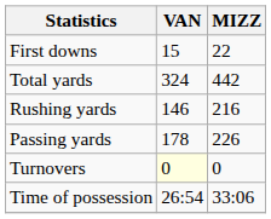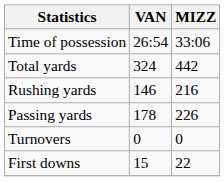 <table class="wikitable" style="float: left;">
 <tr>
 <th>Statistics</th>
 <th>VAN</th>
 <th>MIZZ</th>
 </tr>
 <tr>
-<td>First downs</td>
-<td>15</td>
-<td>22</td>
+<td>Time of possession</td>
+<td>26:54</td>
+<td>33:06</td>
 </tr>
 <tr>
 <td>Total yards</td>
 <td>324</td>
 <td>442</td>
 </tr>
 <tr>
 <td>Rushing yards</td>
 <td>146</td>
 <td>216</td>
 </tr>
 <tr>
 <td>Passing yards</td>
 <td>178</td>
 <td>226</td>
 </tr>
 <tr>
 <td>Turnovers</td>
-<td style="background: lightyellow;">0</td>
+<td>0</td>
 <td>0</td>
 </tr>
 <tr>
-<td>Time of possession</td>
-<td>26:54</td>
-<td>33:06</td>
+<td>First downs</td>
+<td>15</td>
+<td>22</td>
 </tr>
 <tr>
 </tr>
 </table>
